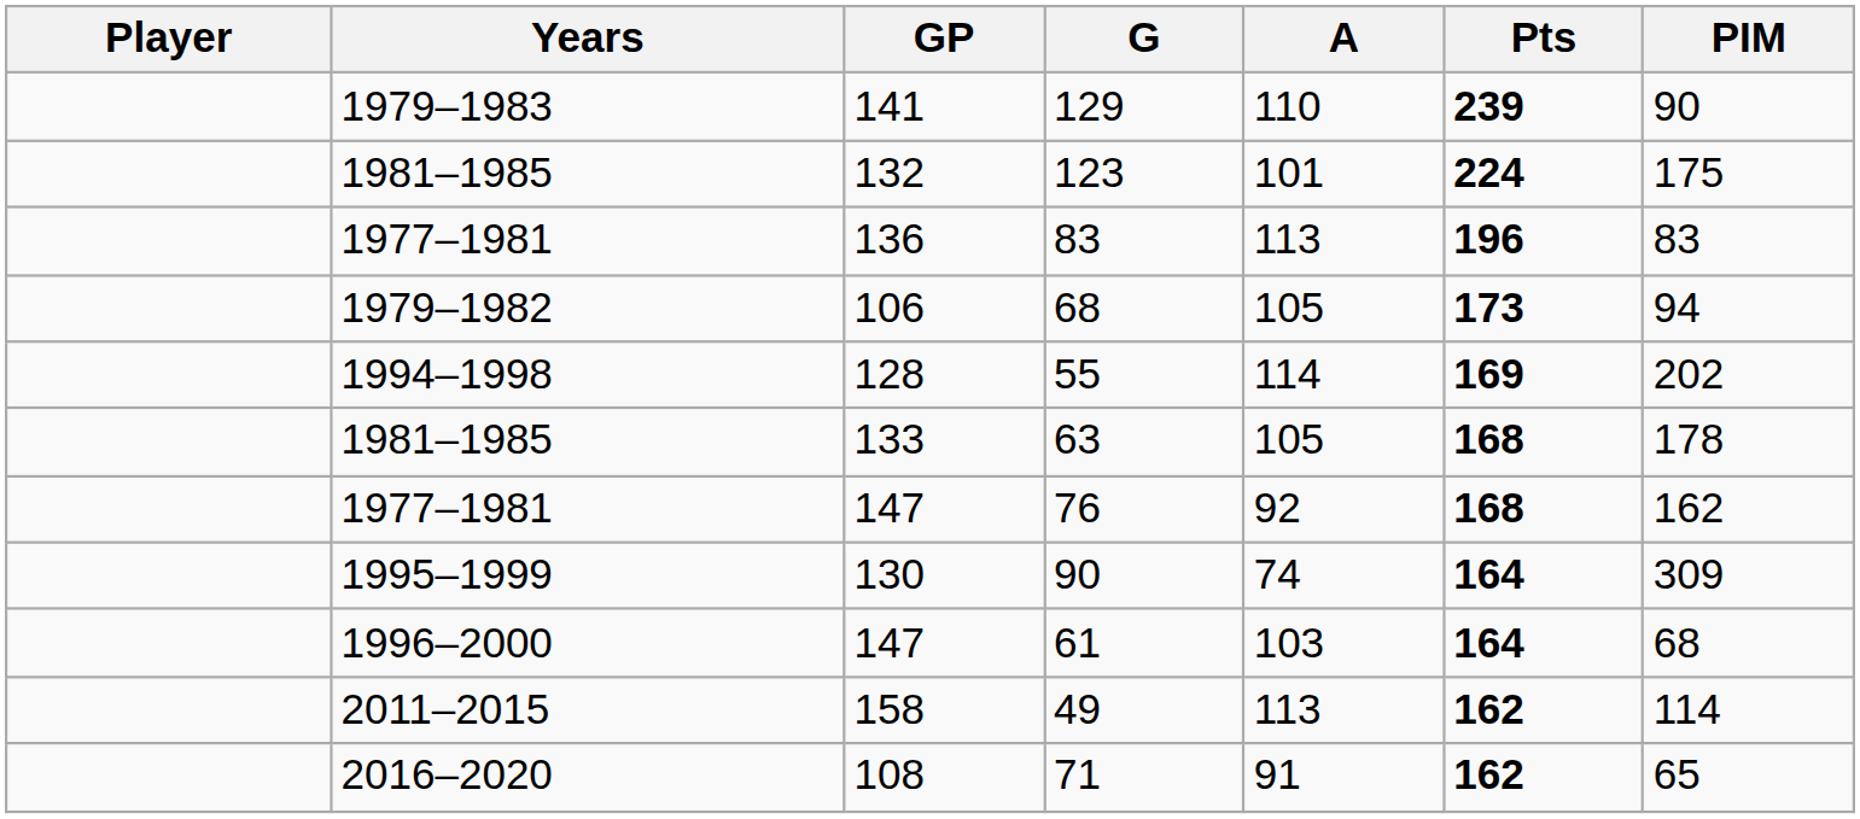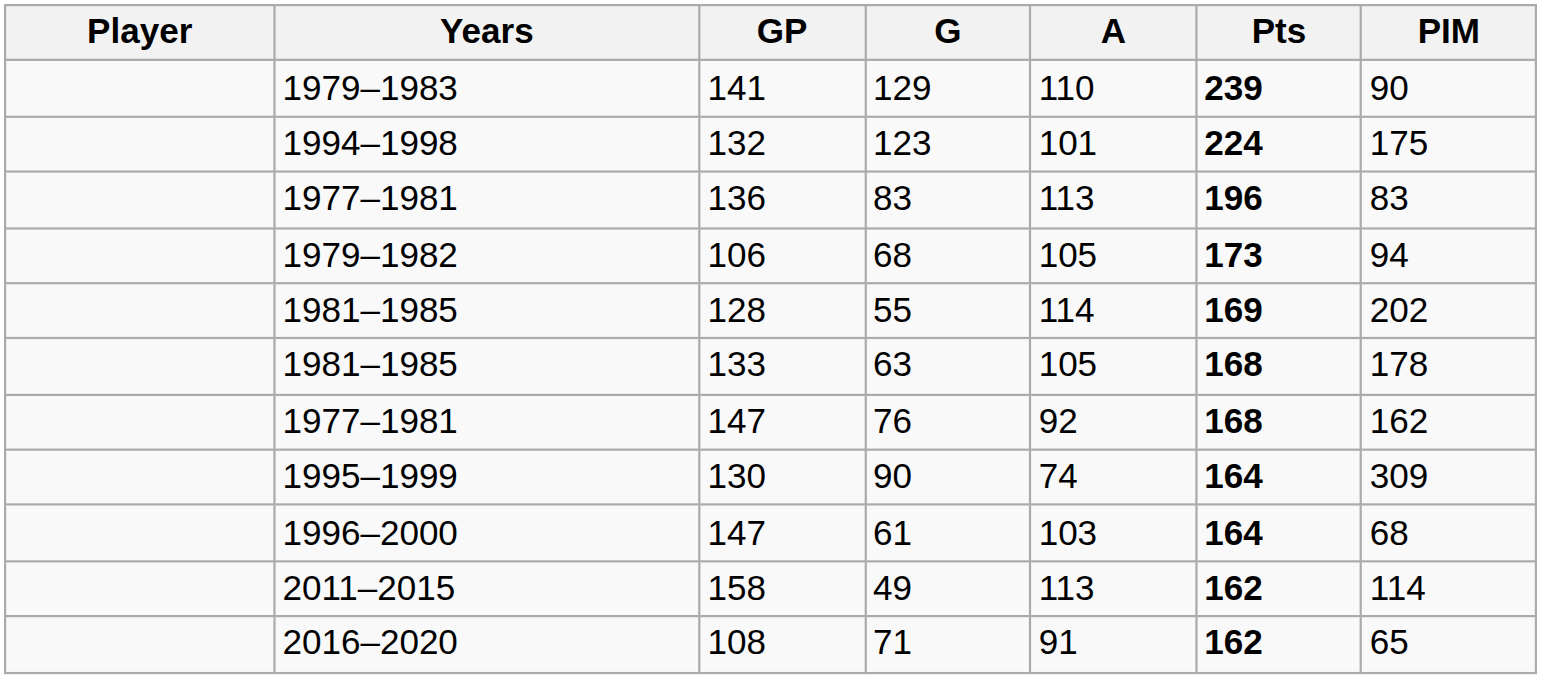 <table class="wikitable sortable" width ="700" cellpadding="1" border="1" cellspacing="0">
 <tr>
 <th>Player</th>
 <th>Years</th>
 <th>GP</th>
 <th>G</th>
 <th>A</th>
 <th>Pts</th>
 <th>PIM</th>
 </tr>
 <tr>
 <td></td>
 <td>1979–1983</td>
 <td>141</td>
 <td>129</td>
 <td>110</td>
 <td><strong>239</strong></td>
 <td>90</td>
 </tr>
 <tr>
 <td></td>
-<td>1981–1985</td>
+<td>1994–1998</td>
 <td>132</td>
 <td>123</td>
 <td>101</td>
 <td><strong>224</strong></td>
 <td>175</td>
 </tr>
 <tr>
 <td></td>
 <td>1977–1981</td>
 <td>136</td>
 <td>83</td>
 <td>113</td>
 <td><strong>196</strong></td>
 <td>83</td>
 </tr>
 <tr>
 <td></td>
 <td>1979–1982</td>
 <td>106</td>
 <td>68</td>
 <td>105</td>
 <td><strong>173</strong></td>
 <td>94</td>
 </tr>
 <tr>
 <td></td>
-<td>1994–1998</td>
+<td>1981–1985</td>
 <td>128</td>
 <td>55</td>
 <td>114</td>
 <td><strong>169</strong></td>
 <td>202</td>
 </tr>
 <tr>
 <td></td>
 <td>1981–1985</td>
 <td>133</td>
 <td>63</td>
 <td>105</td>
 <td><strong>168</strong></td>
 <td>178</td>
 </tr>
 <tr>
 <td></td>
 <td>1977–1981</td>
 <td>147</td>
 <td>76</td>
 <td>92</td>
 <td><strong>168</strong></td>
 <td>162</td>
 </tr>
 <tr>
 <td></td>
 <td>1995–1999</td>
 <td>130</td>
 <td>90</td>
 <td>74</td>
 <td><strong>164</strong></td>
 <td>309</td>
 </tr>
 <tr>
 <td></td>
 <td>1996–2000</td>
 <td>147</td>
 <td>61</td>
 <td>103</td>
 <td><strong>164</strong></td>
 <td>68</td>
 </tr>
 <tr>
 <td></td>
 <td>2011–2015</td>
 <td>158</td>
 <td>49</td>
 <td>113</td>
 <td><strong>162</strong></td>
 <td>114</td>
 </tr>
 <tr>
 <td></td>
 <td>2016–2020</td>
 <td>108</td>
 <td>71</td>
 <td>91</td>
 <td><strong>162</strong></td>
 <td>65</td>
 </tr>
 </table>
